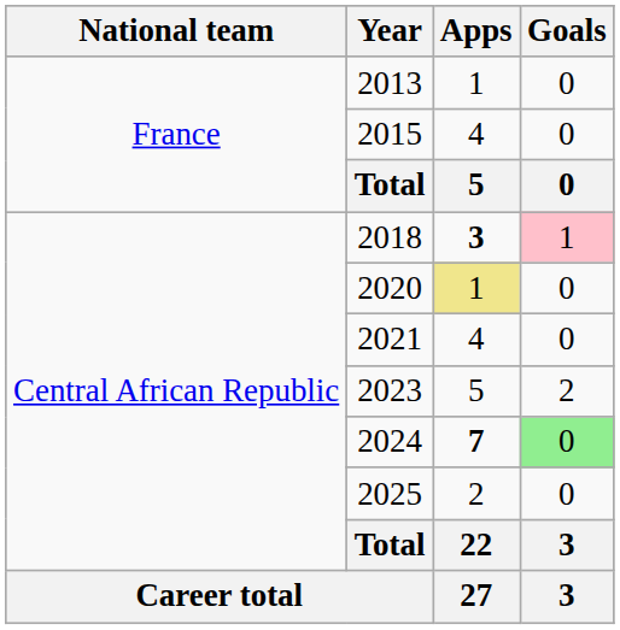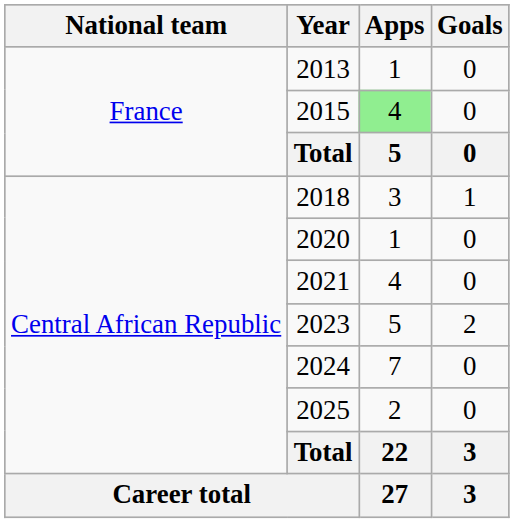 <table class="wikitable" style="text-align:center">
 <tr>
 <th>National team</th>
 <th>Year</th>
 <th>Apps</th>
 <th>Goals</th>
 </tr>
 <tr>
 <td rowspan="3"><a href='#'>France</a></td>
 <td>2013</td>
 <td>1</td>
 <td>0</td>
 </tr>
 <tr>
 <td>2015</td>
-<td>4</td>
+<td style="background: lightgreen;">4</td>
 <td>0</td>
 </tr>
 <tr>
 <th>Total</th>
 <th>5</th>
 <th>0</th>
 </tr>
 <tr>
 <td rowspan="7"><a href='#'>Central African Republic</a></td>
 <td>2018</td>
-<td><strong>3</strong></td>
-<td style="background: pink;">1</td>
+<td>3</td>
+<td>1</td>
 </tr>
 <tr>
 <td>2020</td>
-<td style="background: khaki;">1</td>
+<td>1</td>
 <td>0</td>
 </tr>
 <tr>
 <td>2021</td>
 <td>4</td>
 <td>0</td>
 </tr>
 <tr>
 <td>2023</td>
 <td>5</td>
 <td>2</td>
 </tr>
 <tr>
 <td>2024</td>
-<td><strong>7</strong></td>
-<td style="background: lightgreen;">0</td>
+<td>7</td>
+<td>0</td>
 </tr>
 <tr>
 <td>2025</td>
 <td>2</td>
 <td>0</td>
 </tr>
 <tr>
 <th>Total</th>
 <th>22</th>
 <th>3</th>
 </tr>
 <tr>
 <th colspan="2">Career total</th>
 <th>27</th>
 <th>3</th>
 </tr>
 </table>
